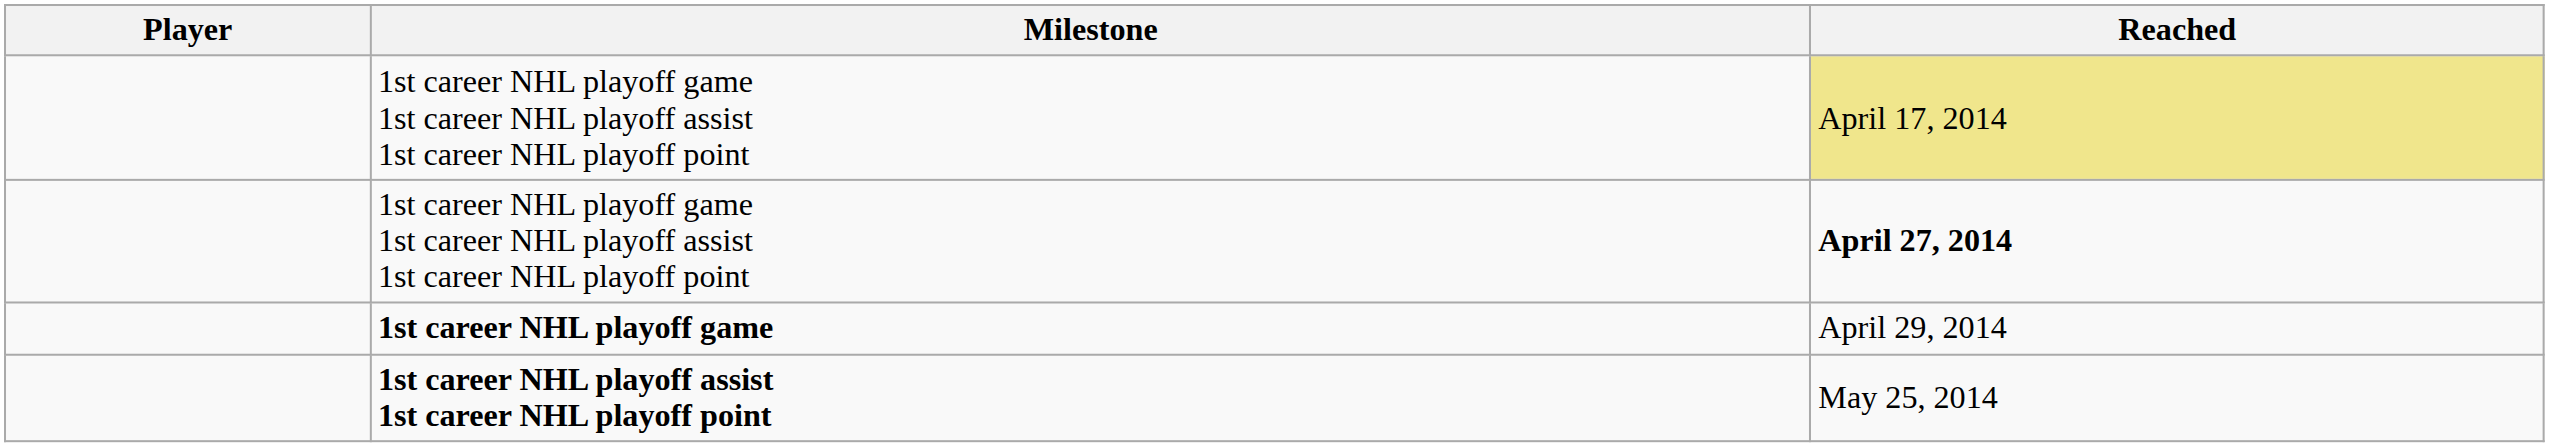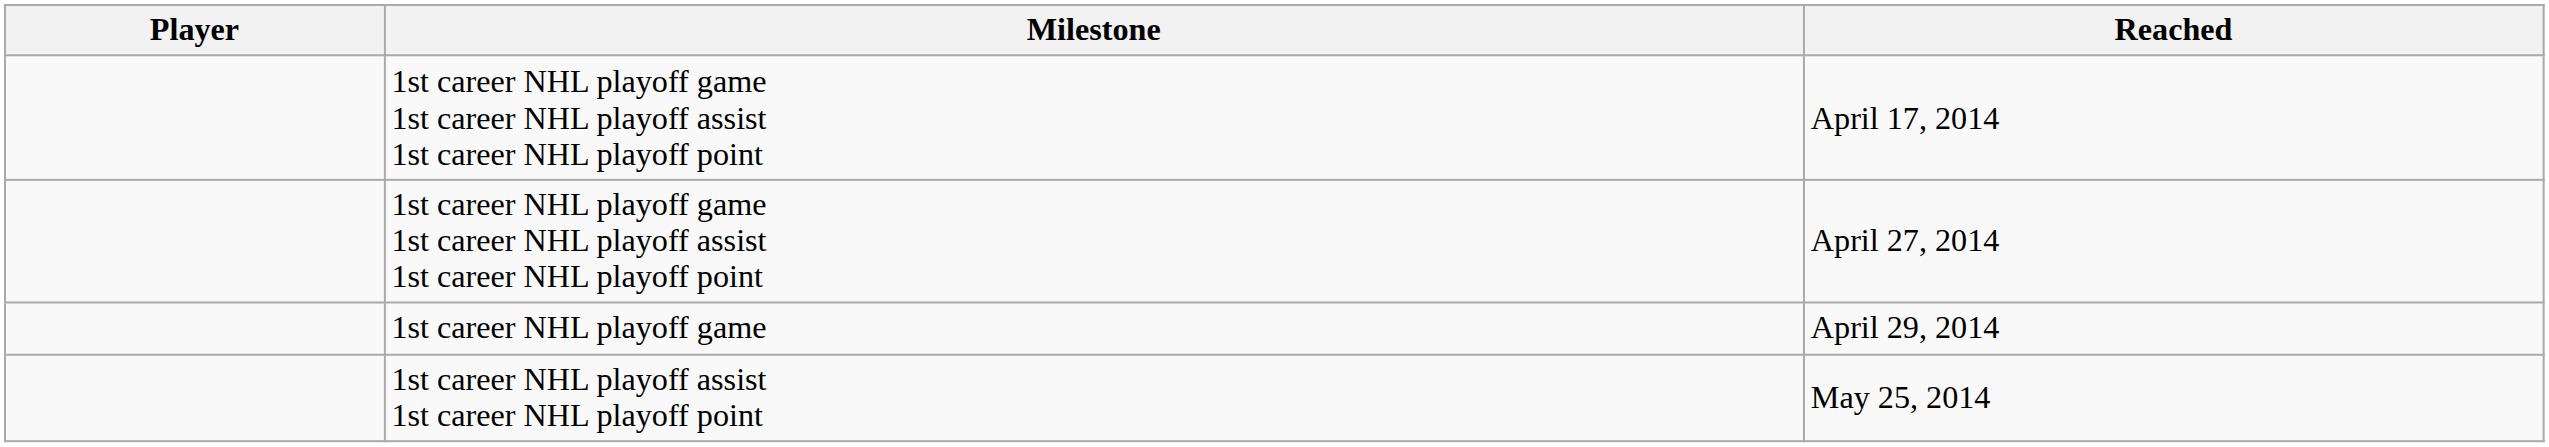 <table class="wikitable sortable" style="width:100%;">
 <tr align=center>
 <th>Player</th>
 <th>Milestone</th>
 <th>Reached</th>
 </tr>
 <tr>
 <td></td>
 <td>1st career NHL playoff game<br>1st career NHL playoff assist<br>1st career NHL playoff point</td>
-<td style="background: khaki;">April 17, 2014</td>
+<td>April 17, 2014</td>
 </tr>
 <tr>
 <td></td>
 <td>1st career NHL playoff game<br>1st career NHL playoff assist<br>1st career NHL playoff point</td>
-<td><strong>April 27, 2014</strong></td>
+<td>April 27, 2014</td>
 </tr>
 <tr>
 <td></td>
-<td><strong>1st career NHL playoff game</strong></td>
+<td>1st career NHL playoff game</td>
 <td>April 29, 2014</td>
 </tr>
 <tr>
 <td></td>
-<td><strong>1st career NHL playoff assist<br>1st career NHL playoff point</strong></td>
+<td>1st career NHL playoff assist<br>1st career NHL playoff point</td>
 <td>May 25, 2014</td>
 </tr>
 </table>
